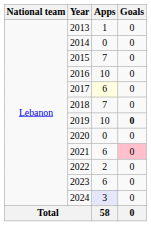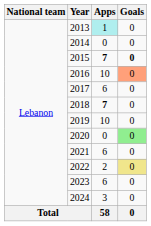 <table class="wikitable" style="text-align:center">
 <tr>
 <th>National team</th>
 <th>Year</th>
 <th>Apps</th>
 <th>Goals</th>
 </tr>
 <tr>
 <td rowspan="12"><a href='#'>Lebanon</a></td>
 <td>2013</td>
-<td>1</td>
+<td style="background: paleturquoise;">1</td>
 <td>0</td>
 </tr>
 <tr>
 <td>2014</td>
 <td>0</td>
 <td>0</td>
 </tr>
 <tr>
 <td>2015</td>
-<td>7</td>
-<td>0</td>
+<td><strong>7</strong></td>
+<td><strong>0</strong></td>
 </tr>
 <tr>
 <td>2016</td>
 <td>10</td>
-<td>0</td>
+<td style="background: lightsalmon;">0</td>
 </tr>
 <tr>
 <td>2017</td>
-<td style="background: lightyellow;">6</td>
+<td>6</td>
 <td>0</td>
 </tr>
 <tr>
 <td>2018</td>
-<td>7</td>
+<td><strong>7</strong></td>
 <td>0</td>
 </tr>
 <tr>
 <td>2019</td>
 <td>10</td>
-<td><strong>0</strong></td>
+<td>0</td>
 </tr>
 <tr>
 <td>2020</td>
 <td>0</td>
-<td>0</td>
+<td style="background: lightgreen;">0</td>
 </tr>
 <tr>
 <td>2021</td>
 <td>6</td>
-<td style="background: pink;">0</td>
+<td>0</td>
 </tr>
 <tr>
 <td>2022</td>
 <td>2</td>
-<td>0</td>
+<td style="background: khaki;">0</td>
 </tr>
 <tr>
 <td>2023</td>
 <td>6</td>
 <td>0</td>
 </tr>
 <tr>
 <td>2024</td>
-<td style="background: lavender;">3</td>
+<td>3</td>
 <td>0</td>
 </tr>
 <tr>
 <th colspan="2">Total</th>
 <th>58</th>
 <th>0</th>
 </tr>
 </table>
